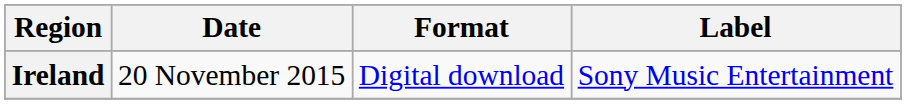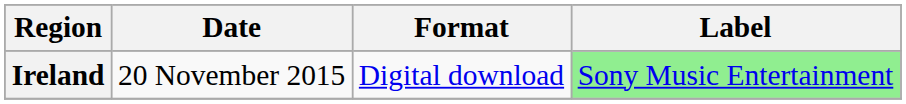 <table class="wikitable sortable plainrowheaders">
 <tr>
 <th scope="col">Region</th>
 <th scope="col">Date</th>
 <th scope="col">Format</th>
 <th scope="col">Label</th>
 </tr>
 <tr>
 <th scope="row">Ireland</th>
 <td>20 November 2015</td>
 <td><a href='#'>Digital download</a></td>
-<td><a href='#'>Sony Music Entertainment</a></td>
+<td style="background: lightgreen;"><a href='#'>Sony Music Entertainment</a></td>
 </tr>
 <tr>
 </tr>
 </table>
